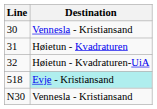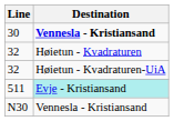 <table class="wikitable sortable">
 <tr>
 <th>Line</th>
 <th>Destination </th>
 </tr>
 <tr>
 <td>30</td>
-<td><a href='#'>Vennesla</a> - Kristiansand</td>
+<td><strong><a href='#'>Vennesla</a> - Kristiansand</strong></td>
 </tr>
 <tr>
-<td>31</td>
+<td>32</td>
 <td>Høietun - <a href='#'>Kvadraturen</a></td>
 </tr>
 <tr>
 <td>32</td>
 <td>Høietun - Kvadraturen-<a href='#'>UiA</a></td>
 </tr>
 <tr>
-<td>518</td>
+<td>511</td>
 <td style="background: paleturquoise;"><a href='#'>Evje</a> - Kristiansand</td>
 </tr>
 <tr>
 <td>N30</td>
 <td>Vennesla - Kristiansand</td>
 </tr>
 </table>
